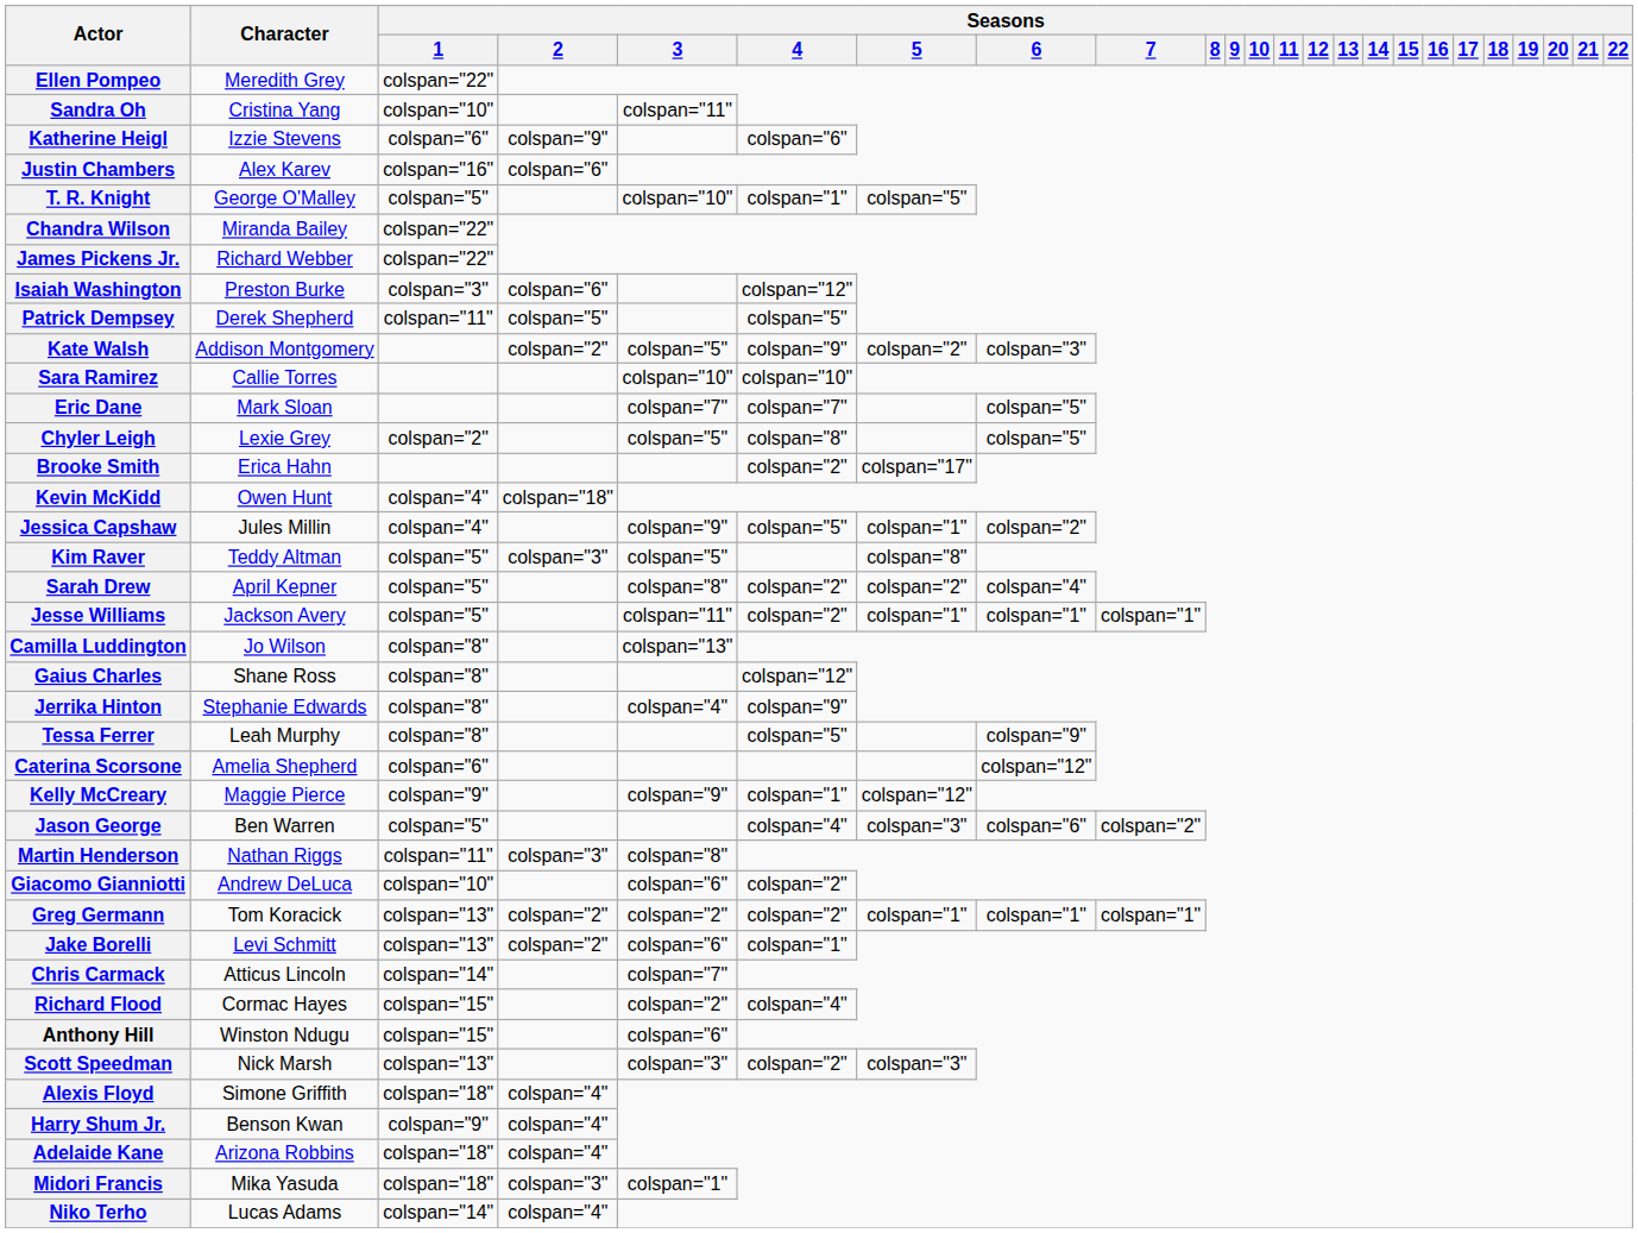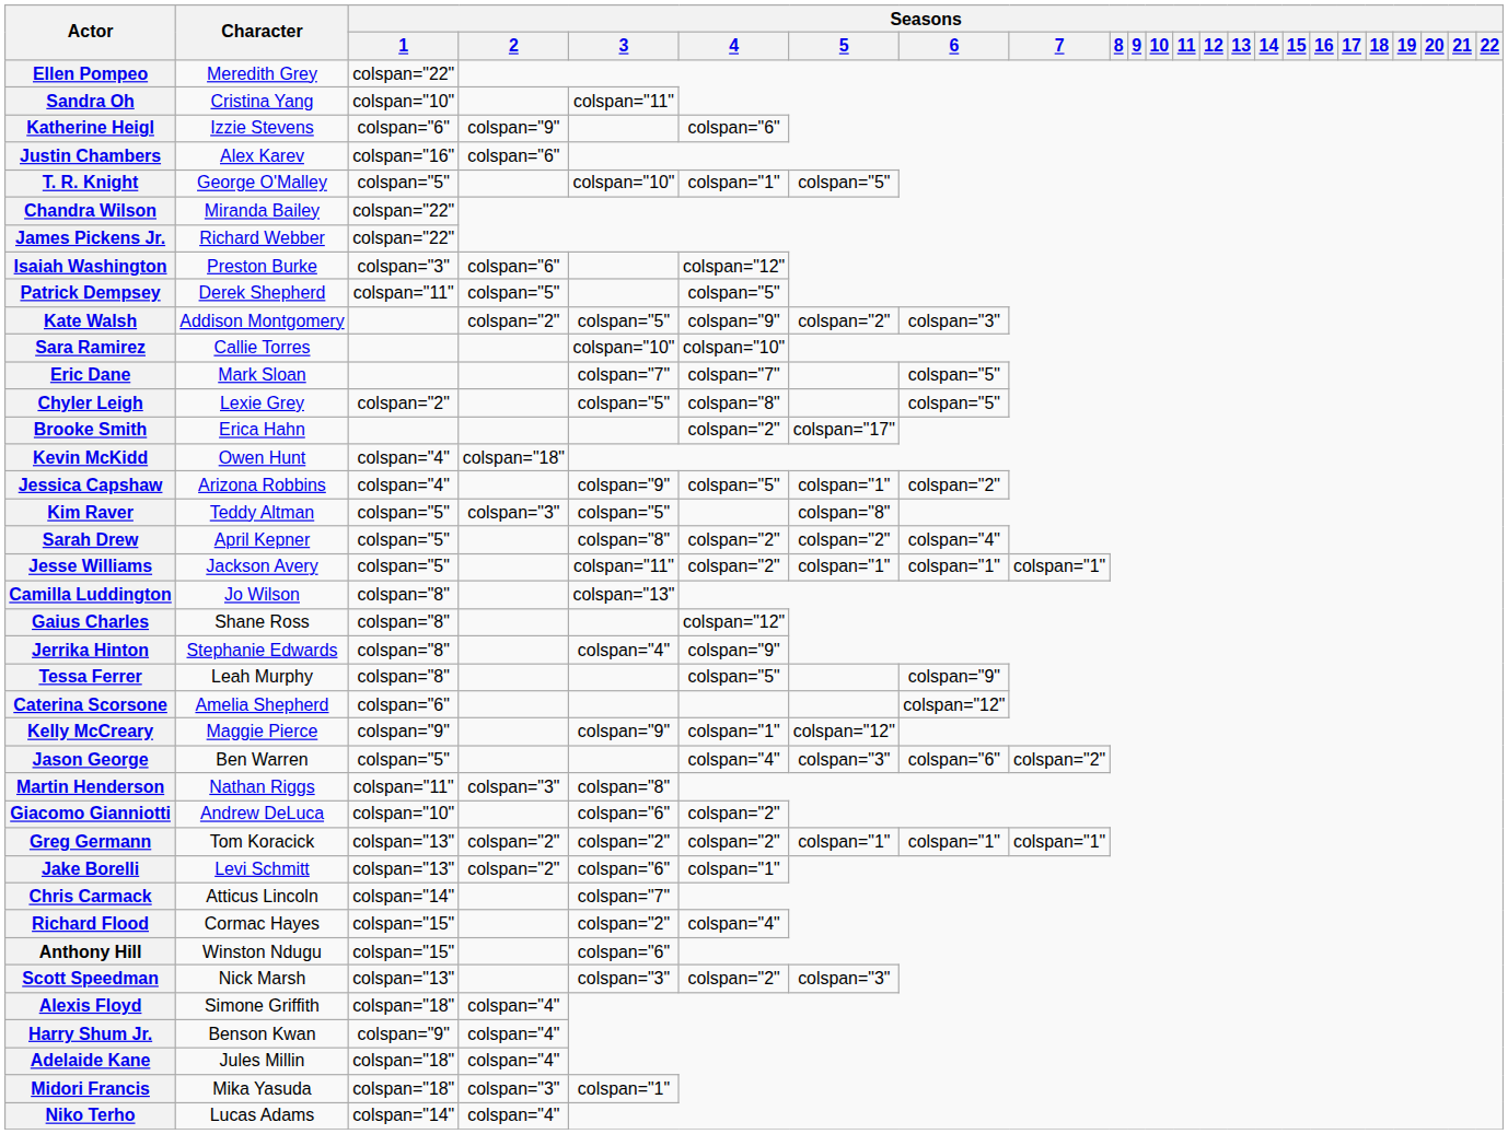 <table class="wikitable plainrowheaders" style="text-align:center; font-size:85%; width:100%">
 <tr>
 <th scope="col" rowspan="2" style="width:10%;">Actor</th>
 <th scope="col" rowspan="2" style="width:10%;">Character</th>
 <th colspan="22" scope="col">Seasons</th>
 </tr>
 <tr>
 <th scope="col" style="width:3%;"><a href='#'>1</a></th>
 <th scope="col" style="width:3%;"><a href='#'>2</a></th>
 <th scope="col" style="width:3%;"><a href='#'>3</a></th>
 <th scope="col" style="width:3%;"><a href='#'>4</a></th>
 <th scope="col" style="width:3%;"><a href='#'>5</a></th>
 <th scope="col" style="width:3%;"><a href='#'>6</a></th>
 <th scope="col" style="width:3%;"><a href='#'>7</a></th>
 <th scope="col" style="width:3%;"><a href='#'>8</a></th>
 <th scope="col" style="width:3%;"><a href='#'>9</a></th>
 <th scope="col" style="width:3%;"><a href='#'>10</a></th>
 <th scope="col" style="width:3%;"><a href='#'>11</a></th>
 <th scope="col" style="width:3%;"><a href='#'>12</a></th>
 <th scope="col" style="width:3%;"><a href='#'>13</a></th>
 <th scope="col" style="width:3%;"><a href='#'>14</a></th>
 <th scope="col" style="width:3%;"><a href='#'>15</a></th>
 <th scope="col" style="width:3%;"><a href='#'>16</a></th>
 <th scope="col" style="width:3%;"><a href='#'>17</a></th>
 <th scope="col" style="width:3%;"><a href='#'>18</a></th>
 <th scope="col" style="width:3%;"><a href='#'>19</a></th>
 <th scope="col" style="width:3%;"><a href='#'>20</a></th>
 <th scope="col" style="width:3%;"><a href='#'>21</a></th>
 <th scope="col" style="width:3%;"><a href='#'>22</a></th>
 </tr>
 <tr>
 <th scope="row"><a href='#'>Ellen Pompeo</a></th>
 <td><a href='#'>Meredith Grey</a></td>
 <td>colspan="22" </td>
 </tr>
 <tr>
 <th scope="row"><a href='#'>Sandra Oh</a></th>
 <td><a href='#'>Cristina Yang</a></td>
 <td>colspan="10" </td>
 <td></td>
 <td>colspan="11" </td>
 </tr>
 <tr>
 <th scope="row"><a href='#'>Katherine Heigl</a></th>
 <td><a href='#'>Izzie Stevens</a></td>
 <td>colspan="6" </td>
 <td>colspan="9" </td>
 <td></td>
 <td>colspan="6" </td>
 </tr>
 <tr>
 <th scope="row"><a href='#'>Justin Chambers</a></th>
 <td><a href='#'>Alex Karev</a></td>
 <td>colspan="16" </td>
 <td>colspan="6" </td>
 </tr>
 <tr>
 <th scope="row"><a href='#'>T. R. Knight</a></th>
 <td><a href='#'>George O'Malley</a></td>
 <td>colspan="5" </td>
 <td></td>
 <td>colspan="10" </td>
 <td>colspan="1"</td>
 <td>colspan="5" </td>
 </tr>
 <tr>
 <th scope="row"><a href='#'>Chandra Wilson</a></th>
 <td><a href='#'>Miranda Bailey</a></td>
 <td>colspan="22" </td>
 </tr>
 <tr>
 <th scope="row"><a href='#'>James Pickens Jr.</a></th>
 <td><a href='#'>Richard Webber</a></td>
 <td>colspan="22" </td>
 </tr>
 <tr>
 <th scope="row"><a href='#'>Isaiah Washington</a></th>
 <td><a href='#'>Preston Burke</a></td>
 <td>colspan="3" </td>
 <td>colspan="6" </td>
 <td></td>
 <td>colspan="12" </td>
 </tr>
 <tr>
 <th scope="row"><a href='#'>Patrick Dempsey</a></th>
 <td><a href='#'>Derek Shepherd</a></td>
 <td>colspan="11" </td>
 <td>colspan="5" </td>
 <td></td>
 <td>colspan="5" </td>
 </tr>
 <tr>
 <th scope="row"><a href='#'>Kate Walsh</a></th>
 <td><a href='#'>Addison&nbsp;Montgomery</a></td>
 <td></td>
 <td>colspan="2" </td>
 <td>colspan="5" </td>
 <td>colspan="9" </td>
 <td>colspan="2" </td>
 <td>colspan="3" </td>
 </tr>
 <tr>
 <th scope="row"><a href='#'>Sara Ramirez</a></th>
 <td><a href='#'>Callie Torres</a></td>
 <td></td>
 <td></td>
 <td>colspan="10" </td>
 <td>colspan="10" </td>
 </tr>
 <tr>
 <th scope="row"><a href='#'>Eric Dane</a></th>
 <td><a href='#'>Mark Sloan</a></td>
 <td></td>
 <td></td>
 <td>colspan="7" </td>
 <td>colspan="7" </td>
 <td></td>
 <td>colspan="5" </td>
 </tr>
 <tr>
 <th scope="row"><a href='#'>Chyler Leigh</a></th>
 <td><a href='#'>Lexie Grey</a></td>
 <td>colspan="2" </td>
 <td></td>
 <td>colspan="5" </td>
 <td>colspan="8" </td>
 <td></td>
 <td>colspan="5" </td>
 </tr>
 <tr>
 <th scope="row"><a href='#'>Brooke Smith</a></th>
 <td><a href='#'>Erica Hahn</a></td>
 <td></td>
 <td></td>
 <td></td>
 <td>colspan="2" </td>
 <td>colspan="17" </td>
 </tr>
 <tr>
 <th scope="row"><a href='#'>Kevin McKidd</a></th>
 <td><a href='#'>Owen Hunt</a></td>
 <td>colspan="4" </td>
 <td>colspan="18" </td>
 </tr>
 <tr>
 <th scope="row"><a href='#'>Jessica Capshaw</a></th>
-<td>Jules Millin</td>
+<td><a href='#'>Arizona Robbins</a></td>
 <td>colspan="4" </td>
 <td></td>
 <td>colspan="9" </td>
 <td>colspan="5" </td>
 <td>colspan="1"</td>
 <td>colspan="2" </td>
 </tr>
 <tr>
 <th scope="row"><a href='#'>Kim Raver</a></th>
 <td><a href='#'>Teddy Altman</a></td>
 <td>colspan="5" </td>
 <td>colspan="3" </td>
 <td>colspan="5" </td>
 <td></td>
 <td>colspan="8" </td>
 </tr>
 <tr>
 <th scope="row"><a href='#'>Sarah Drew</a></th>
 <td><a href='#'>April Kepner</a></td>
 <td>colspan="5" </td>
 <td></td>
 <td>colspan="8" </td>
 <td>colspan="2" </td>
 <td>colspan="2" </td>
 <td>colspan="4" </td>
 </tr>
 <tr>
 <th scope="row"><a href='#'>Jesse Williams</a></th>
 <td><a href='#'>Jackson Avery</a></td>
 <td>colspan="5" </td>
 <td></td>
 <td>colspan="11" </td>
 <td>colspan="2" </td>
 <td>colspan="1" </td>
 <td>colspan="1" </td>
 <td>colspan="1" </td>
 </tr>
 <tr>
 <th scope="row"><a href='#'>Camilla&nbsp;Luddington</a></th>
 <td><a href='#'>Jo Wilson</a></td>
 <td>colspan="8" </td>
 <td></td>
 <td>colspan="13" </td>
 </tr>
 <tr>
 <th scope="row"><a href='#'>Gaius Charles</a></th>
 <td>Shane Ross</td>
 <td>colspan="8" </td>
 <td></td>
 <td></td>
 <td>colspan="12" </td>
 </tr>
 <tr>
 <th scope="row"><a href='#'>Jerrika Hinton</a></th>
 <td><a href='#'>Stephanie Edwards</a></td>
 <td>colspan="8" </td>
 <td></td>
 <td>colspan="4" </td>
 <td>colspan="9" </td>
 </tr>
 <tr>
 <th scope="row"><a href='#'>Tessa Ferrer</a></th>
 <td>Leah Murphy</td>
 <td>colspan="8" </td>
 <td></td>
 <td></td>
 <td>colspan="5" </td>
 <td></td>
 <td>colspan="9" </td>
 </tr>
 <tr>
 <th scope="row"><a href='#'>Caterina Scorsone</a></th>
 <td><a href='#'>Amelia Shepherd</a></td>
 <td>colspan="6" </td>
 <td></td>
 <td></td>
 <td></td>
 <td></td>
 <td>colspan="12" </td>
 </tr>
 <tr>
 <th scope="row"><a href='#'>Kelly McCreary</a></th>
 <td><a href='#'>Maggie Pierce</a></td>
 <td>colspan="9" </td>
 <td></td>
 <td>colspan="9" </td>
 <td>colspan="1"</td>
 <td>colspan="12" </td>
 </tr>
 <tr>
 <th scope="row"><a href='#'>Jason George</a></th>
 <td>Ben Warren</td>
 <td>colspan="5" </td>
 <td></td>
 <td></td>
 <td>colspan="4" </td>
 <td>colspan="3" </td>
 <td>colspan="6" </td>
 <td>colspan="2" </td>
 </tr>
 <tr>
 <th scope="row"><a href='#'>Martin Henderson</a></th>
 <td><a href='#'>Nathan Riggs</a></td>
 <td>colspan="11" </td>
 <td>colspan="3" </td>
 <td>colspan="8" </td>
 </tr>
 <tr>
 <th scope="row"><a href='#'>Giacomo Gianniotti</a></th>
 <td><a href='#'>Andrew DeLuca</a></td>
 <td>colspan="10" </td>
 <td></td>
 <td>colspan="6" </td>
 <td>colspan="2" </td>
 </tr>
 <tr>
 <th scope="row"><a href='#'>Greg Germann</a></th>
 <td>Tom Koracick</td>
 <td>colspan="13" </td>
 <td>colspan="2" </td>
 <td>colspan="2" </td>
 <td>colspan="2" </td>
 <td>colspan="1" </td>
 <td>colspan="1" </td>
 <td>colspan="1" </td>
 </tr>
 <tr>
 <th scope="row"><a href='#'>Jake Borelli</a></th>
 <td><a href='#'>Levi Schmitt</a></td>
 <td>colspan="13" </td>
 <td>colspan="2" </td>
 <td>colspan="6" </td>
 <td>colspan="1" </td>
 </tr>
 <tr>
 <th scope="row"><a href='#'>Chris Carmack</a></th>
 <td>Atticus Lincoln</td>
 <td>colspan="14" </td>
 <td></td>
 <td>colspan="7" </td>
 </tr>
 <tr>
 <th scope="row"><a href='#'>Richard Flood</a></th>
 <td>Cormac Hayes</td>
 <td>colspan="15" </td>
 <td></td>
 <td>colspan="2"</td>
 <td>colspan="4" </td>
 </tr>
 <tr>
 <th scope="row">Anthony Hill</th>
 <td>Winston Ndugu</td>
 <td>colspan="15" </td>
 <td></td>
 <td>colspan="6"</td>
 </tr>
 <tr>
 <th scope="row"><a href='#'>Scott Speedman</a></th>
 <td>Nick Marsh</td>
 <td>colspan="13" </td>
 <td></td>
 <td>colspan="3" </td>
 <td>colspan="2" </td>
 <td>colspan="3" </td>
 </tr>
 <tr>
 <th scope="row"><a href='#'>Alexis Floyd</a></th>
 <td>Simone Griffith</td>
 <td>colspan="18" </td>
 <td>colspan="4"</td>
 </tr>
 <tr>
 <th scope="row"><a href='#'>Harry Shum Jr.</a></th>
 <td>Benson Kwan</td>
 <td>colspan="9" </td>
 <td>colspan="4"</td>
 </tr>
 <tr>
 <th scope="row"><a href='#'>Adelaide Kane</a></th>
-<td><a href='#'>Arizona Robbins</a></td>
+<td>Jules Millin</td>
 <td>colspan="18" </td>
 <td>colspan="4"</td>
 </tr>
 <tr>
 <th scope="row"><a href='#'>Midori Francis</a></th>
 <td>Mika Yasuda</td>
 <td>colspan="18" </td>
 <td>colspan="3"</td>
 <td>colspan="1" </td>
 </tr>
 <tr>
 <th scope="row"><a href='#'>Niko Terho</a></th>
 <td>Lucas Adams</td>
 <td>colspan="14" </td>
 <td>colspan="4"</td>
 </tr>
 <tr>
 </tr>
 </table>
